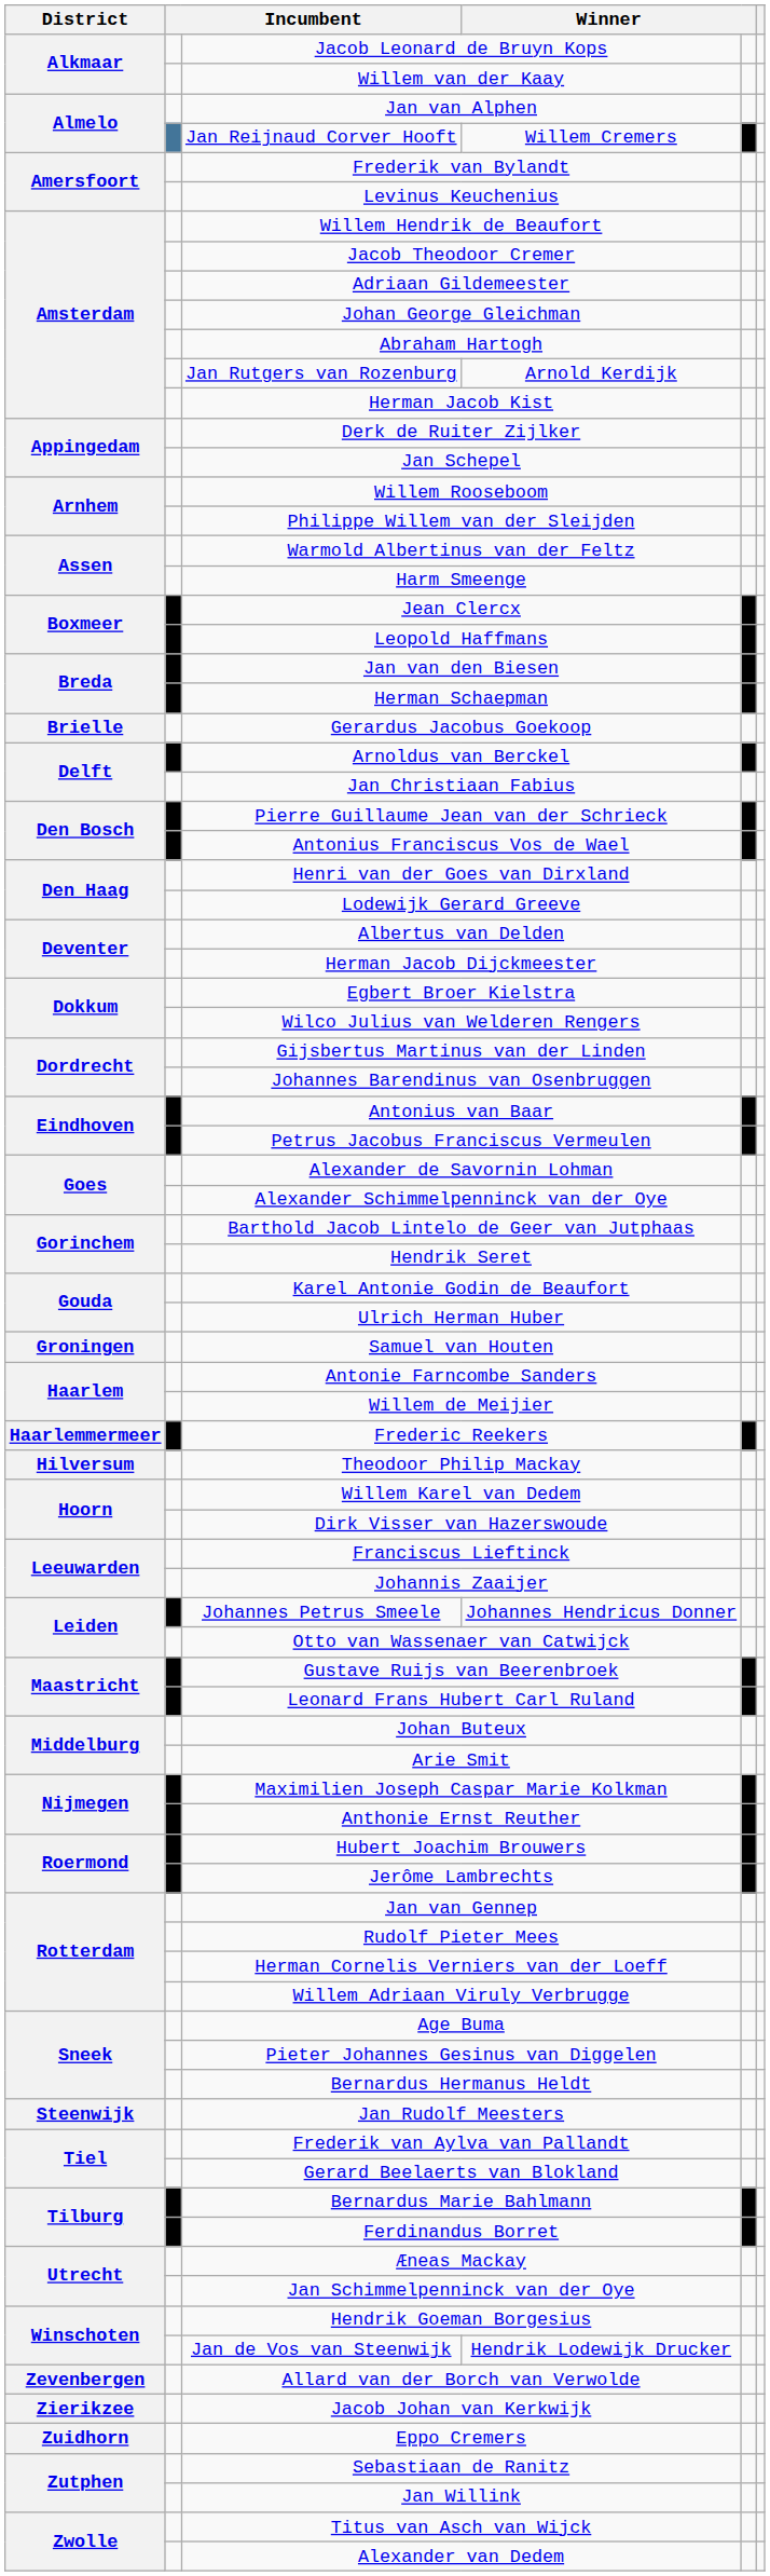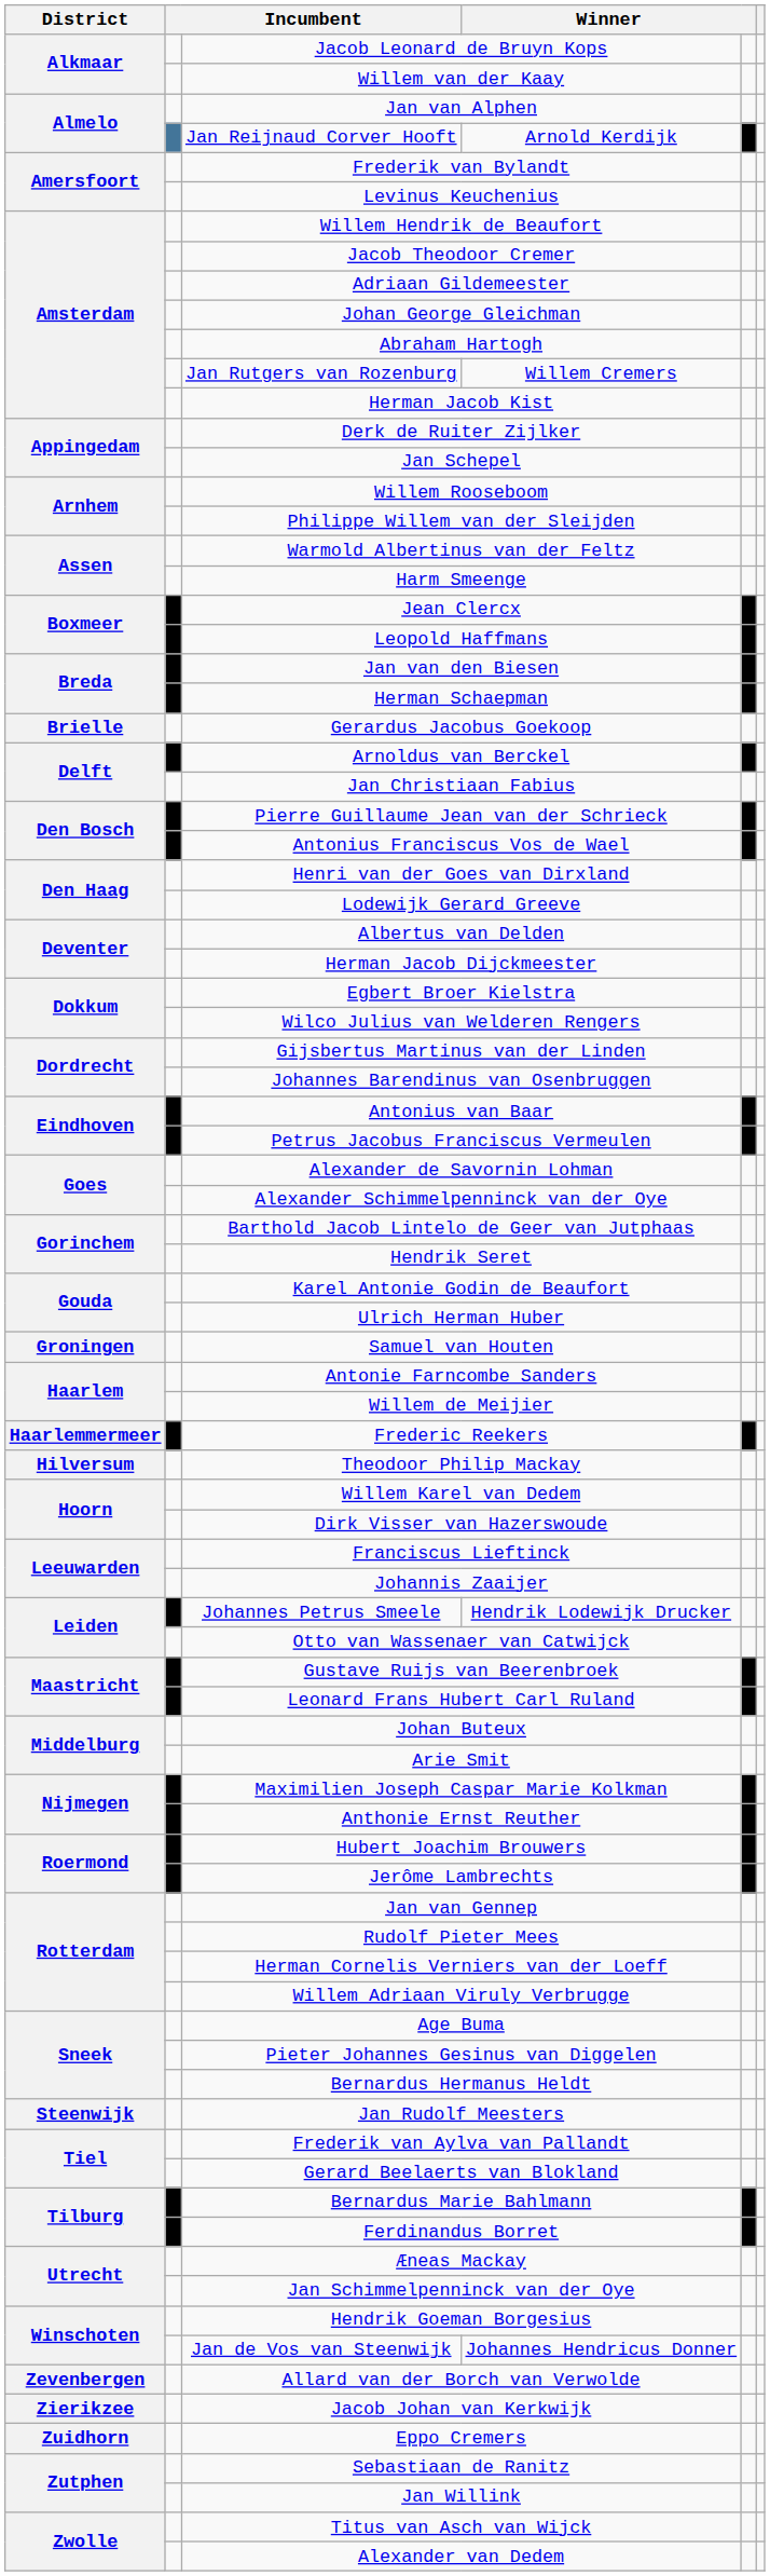 <table class="wikitable">
 <tr style="text-align:center;">
 <th>District</th>
 <th colspan=2>Incumbent</th>
 <th colspan=2>Winner</th>
 <th></th>
 </tr>
 <tr>
 <th rowspan=2><a href='#'>Alkmaar</a></th>
 <td style="width:5px; background:"></td>
 <td colspan=2 style="text-align:center"><a href='#'>Jacob Leonard de Bruyn Kops</a></td>
 <td style="width:5px; background:"></td>
 <td></td>
 </tr>
 <tr>
 <td style="width:5px; background:"></td>
 <td colspan=2 style="text-align:center"><a href='#'>Willem van der Kaay</a></td>
 <td style="width:5px; background:"></td>
 <td></td>
 </tr>
 <tr>
 <th rowspan=2><a href='#'>Almelo</a></th>
 <td style="width:5px; background:"></td>
 <td colspan=2 style="text-align:center"><a href='#'>Jan van Alphen</a></td>
 <td style="width:5px; background:"></td>
 <td></td>
 </tr>
 <tr>
 <td style="width:5px; background:#437599"></td>
 <td style="text-align:center"><a href='#'>Jan Reijnaud Corver Hooft</a></td>
-<td style="text-align:center"><a href='#'>Willem Cremers</a></td>
+<td style="text-align:center"><a href='#'>Arnold Kerdijk</a></td>
 <td style="width:5px; background:black"></td>
 <td></td>
 </tr>
 <tr>
 <th rowspan=2><a href='#'>Amersfoort</a></th>
 <td style="width:5px; background:"></td>
 <td colspan=2 style="text-align:center"><a href='#'>Frederik van Bylandt</a></td>
 <td style="width:5px; background:"></td>
 <td></td>
 </tr>
 <tr>
 <td style="width:5px; background:"></td>
 <td colspan=2 style="text-align:center"><a href='#'>Levinus Keuchenius</a></td>
 <td style="width:5px; background:"></td>
 <td></td>
 </tr>
 <tr>
 <th rowspan=7><a href='#'>Amsterdam</a></th>
 <td style="width:5px; background:"></td>
 <td colspan=2 style="text-align:center"><a href='#'>Willem Hendrik de Beaufort</a></td>
 <td style="width:5px; background:"></td>
 <td></td>
 </tr>
 <tr>
 <td style="width:5px; background:"></td>
 <td colspan=2 style="text-align:center"><a href='#'>Jacob Theodoor Cremer</a></td>
 <td style="width:5px; background:"></td>
 <td></td>
 </tr>
 <tr>
 <td style="width:5px; background:"></td>
 <td colspan=2 style="text-align:center"><a href='#'>Adriaan Gildemeester</a></td>
 <td style="width:5px; background:"></td>
 <td></td>
 </tr>
 <tr>
 <td style="width:5px; background:"></td>
 <td colspan=2 style="text-align:center"><a href='#'>Johan George Gleichman</a></td>
 <td style="width:5px; background:"></td>
 <td></td>
 </tr>
 <tr>
 <td style="width:5px; background:"></td>
 <td colspan=2 style="text-align:center"><a href='#'>Abraham Hartogh</a></td>
 <td style="width:5px; background:"></td>
 <td></td>
 </tr>
 <tr>
 <td style="width:5px; background:"></td>
 <td style="text-align:center"><a href='#'>Jan Rutgers van Rozenburg</a></td>
-<td style="text-align:center"><a href='#'>Arnold Kerdijk</a></td>
+<td style="text-align:center"><a href='#'>Willem Cremers</a></td>
 <td style="width:5px; background:"></td>
 <td></td>
 </tr>
 <tr>
 <td style="width:5px; background:"></td>
 <td colspan=2 style="text-align:center"><a href='#'>Herman Jacob Kist</a></td>
 <td style="width:5px; background:"></td>
 <td></td>
 </tr>
 <tr>
 <th rowspan=2><a href='#'>Appingedam</a></th>
 <td style="width:5px; background:"></td>
 <td colspan=2 style="text-align:center"><a href='#'>Derk de Ruiter Zijlker</a></td>
 <td style="width:5px; background:"></td>
 <td></td>
 </tr>
 <tr>
 <td style="width:5px; background:"></td>
 <td colspan=2 style="text-align:center"><a href='#'>Jan Schepel</a></td>
 <td style="width:5px; background:"></td>
 <td></td>
 </tr>
 <tr>
 <th rowspan=2><a href='#'>Arnhem</a></th>
 <td style="width:5px; background:"></td>
 <td colspan=2 style="text-align:center"><a href='#'>Willem Rooseboom</a></td>
 <td style="width:5px; background:"></td>
 <td></td>
 </tr>
 <tr>
 <td style="width:5px; background:"></td>
 <td colspan=2 style="text-align:center"><a href='#'>Philippe Willem van der Sleijden</a></td>
 <td style="width:5px; background:"></td>
 <td></td>
 </tr>
 <tr>
 <th rowspan=2><a href='#'>Assen</a></th>
 <td style="width:5px; background:"></td>
 <td colspan=2 style="text-align:center"><a href='#'>Warmold Albertinus van der Feltz</a></td>
 <td style="width:5px; background:"></td>
 <td></td>
 </tr>
 <tr>
 <td style="width:5px; background:"></td>
 <td colspan=2 style="text-align:center"><a href='#'>Harm Smeenge</a></td>
 <td style="width:5px; background:"></td>
 <td></td>
 </tr>
 <tr>
 <th rowspan=2><a href='#'>Boxmeer</a></th>
 <td style="width:5px; background:black"></td>
 <td colspan=2 style="text-align:center"><a href='#'>Jean Clercx</a></td>
 <td style="width:5px; background:black"></td>
 <td></td>
 </tr>
 <tr>
 <td style="width:5px; background:black"></td>
 <td colspan=2 style="text-align:center"><a href='#'>Leopold Haffmans</a></td>
 <td style="width:5px; background:black"></td>
 <td></td>
 </tr>
 <tr>
 <th rowspan=2><a href='#'>Breda</a></th>
 <td style="width:5px; background:black"></td>
 <td colspan=2 style="text-align:center"><a href='#'>Jan van den Biesen</a></td>
 <td style="width:5px; background:black"></td>
 <td></td>
 </tr>
 <tr>
 <td style="width:5px; background:black"></td>
 <td colspan=2 style="text-align:center"><a href='#'>Herman Schaepman</a></td>
 <td style="width:5px; background:black"></td>
 <td></td>
 </tr>
 <tr>
 <th><a href='#'>Brielle</a></th>
 <td style="width:5px; background:"></td>
 <td colspan=2 style="text-align:center"><a href='#'>Gerardus Jacobus Goekoop</a></td>
 <td style="width:5px; background:"></td>
 <td></td>
 </tr>
 <tr>
 <th rowspan=2><a href='#'>Delft</a></th>
 <td style="width:5px; background:black"></td>
 <td colspan=2 style="text-align:center"><a href='#'>Arnoldus van Berckel</a></td>
 <td style="width:5px; background:black"></td>
 <td></td>
 </tr>
 <tr>
 <td style="width:5px; background:"></td>
 <td colspan=2 style="text-align:center"><a href='#'>Jan Christiaan Fabius</a></td>
 <td style="width:5px; background:"></td>
 <td></td>
 </tr>
 <tr>
 <th rowspan=2><a href='#'>Den Bosch</a></th>
 <td style="width:5px; background:black"></td>
 <td colspan=2 style="text-align:center"><a href='#'>Pierre Guillaume Jean van der Schrieck</a></td>
 <td style="width:5px; background:black"></td>
 <td></td>
 </tr>
 <tr>
 <td style="width:5px; background:black"></td>
 <td colspan=2 style="text-align:center"><a href='#'>Antonius Franciscus Vos de Wael</a></td>
 <td style="width:5px; background:black"></td>
 <td></td>
 </tr>
 <tr>
 <th rowspan=2><a href='#'>Den Haag</a></th>
 <td style="width:5px; background:"></td>
 <td colspan=2 style="text-align:center"><a href='#'>Henri van der Goes van Dirxland</a></td>
 <td style="width:5px; background:"></td>
 <td></td>
 </tr>
 <tr>
 <td style="width:5px; background:"></td>
 <td colspan=2 style="text-align:center"><a href='#'>Lodewijk Gerard Greeve</a></td>
 <td style="width:5px; background:"></td>
 <td></td>
 </tr>
 <tr>
 <th rowspan=2><a href='#'>Deventer</a></th>
 <td style="width:5px; background:"></td>
 <td colspan=2 style="text-align:center"><a href='#'>Albertus van Delden</a></td>
 <td style="width:5px; background:"></td>
 <td></td>
 </tr>
 <tr>
 <td style="width:5px; background:"></td>
 <td colspan=2 style="text-align:center"><a href='#'>Herman Jacob Dijckmeester</a></td>
 <td style="width:5px; background:"></td>
 <td></td>
 </tr>
 <tr>
 <th rowspan=2><a href='#'>Dokkum</a></th>
 <td style="width:5px; background:"></td>
 <td colspan=2 style="text-align:center"><a href='#'>Egbert Broer Kielstra</a></td>
 <td style="width:5px; background:"></td>
 <td></td>
 </tr>
 <tr>
 <td style="width:5px; background:"></td>
 <td colspan=2 style="text-align:center"><a href='#'>Wilco Julius van Welderen Rengers</a></td>
 <td style="width:5px; background:"></td>
 <td></td>
 </tr>
 <tr>
 <th rowspan=2><a href='#'>Dordrecht</a></th>
 <td style="width:5px; background:"></td>
 <td colspan=2 style="text-align:center"><a href='#'>Gijsbertus Martinus van der Linden</a></td>
 <td style="width:5px; background:"></td>
 <td></td>
 </tr>
 <tr>
 <td style="width:5px; background:"></td>
 <td colspan=2 style="text-align:center"><a href='#'>Johannes Barendinus van Osenbruggen</a></td>
 <td style="width:5px; background:"></td>
 <td></td>
 </tr>
 <tr>
 <th rowspan=2><a href='#'>Eindhoven</a></th>
 <td style="width:5px; background:black"></td>
 <td colspan=2 style="text-align:center"><a href='#'>Antonius van Baar</a></td>
 <td style="width:5px; background:black"></td>
 <td></td>
 </tr>
 <tr>
 <td style="width:5px; background:black"></td>
 <td colspan=2 style="text-align:center"><a href='#'>Petrus Jacobus Franciscus Vermeulen</a></td>
 <td style="width:5px; background:black"></td>
 <td></td>
 </tr>
 <tr>
 <th rowspan=2><a href='#'>Goes</a></th>
 <td style="width:5px; background:"></td>
 <td colspan=2 style="text-align:center"><a href='#'>Alexander de Savornin Lohman</a></td>
 <td style="width:5px; background:"></td>
 <td></td>
 </tr>
 <tr>
 <td style="width:5px; background:"></td>
 <td colspan=2 style="text-align:center"><a href='#'>Alexander Schimmelpenninck van der Oye</a></td>
 <td style="width:5px; background:"></td>
 <td></td>
 </tr>
 <tr>
 <th rowspan=2><a href='#'>Gorinchem</a></th>
 <td style="width:5px; background:"></td>
 <td colspan=2 style="text-align:center"><a href='#'>Barthold Jacob Lintelo de Geer van Jutphaas</a></td>
 <td style="width:5px; background:"></td>
 <td></td>
 </tr>
 <tr>
 <td style="width:5px; background:"></td>
 <td colspan=2 style="text-align:center"><a href='#'>Hendrik Seret</a></td>
 <td style="width:5px; background:"></td>
 <td></td>
 </tr>
 <tr>
 <th rowspan=2><a href='#'>Gouda</a></th>
 <td style="width:5px; background:"></td>
 <td colspan=2 style="text-align:center"><a href='#'>Karel Antonie Godin de Beaufort</a></td>
 <td style="width:5px; background:"></td>
 <td></td>
 </tr>
 <tr>
 <td style="width:5px; background:"></td>
 <td colspan=2 style="text-align:center"><a href='#'>Ulrich Herman Huber</a></td>
 <td style="width:5px; background:"></td>
 <td></td>
 </tr>
 <tr>
 <th><a href='#'>Groningen</a></th>
 <td style="width:5px; background:"></td>
 <td colspan=2 style="text-align:center"><a href='#'>Samuel van Houten</a></td>
 <td style="width:5px; background:"></td>
 <td></td>
 </tr>
 <tr>
 <th rowspan=2><a href='#'>Haarlem</a></th>
 <td style="width:5px; background:"></td>
 <td colspan=2 style="text-align:center"><a href='#'>Antonie Farncombe Sanders</a></td>
 <td style="width:5px; background:"></td>
 <td></td>
 </tr>
 <tr>
 <td style="width:5px; background:"></td>
 <td colspan=2 style="text-align:center"><a href='#'>Willem de Meijier</a></td>
 <td style="width:5px; background:"></td>
 <td></td>
 </tr>
 <tr>
 <th><a href='#'>Haarlemmermeer</a></th>
 <td style="width:5px; background:black"></td>
 <td colspan=2 style="text-align:center"><a href='#'>Frederic Reekers</a></td>
 <td style="width:5px; background:black"></td>
 <td></td>
 </tr>
 <tr>
 <th><a href='#'>Hilversum</a></th>
 <td style="width:5px; background:"></td>
 <td colspan=2 style="text-align:center"><a href='#'>Theodoor Philip Mackay</a></td>
 <td style="width:5px; background:"></td>
 <td></td>
 </tr>
 <tr>
 <th rowspan=2><a href='#'>Hoorn</a></th>
 <td style="width:5px; background:"></td>
 <td colspan=2 style="text-align:center"><a href='#'>Willem Karel van Dedem</a></td>
 <td style="width:5px; background:"></td>
 <td></td>
 </tr>
 <tr>
 <td style="width:5px; background:"></td>
 <td colspan=2 style="text-align:center"><a href='#'>Dirk Visser van Hazerswoude</a></td>
 <td style="width:5px; background:"></td>
 <td></td>
 </tr>
 <tr>
 <th rowspan=2><a href='#'>Leeuwarden</a></th>
 <td style="width:5px; background:"></td>
 <td colspan=2 style="text-align:center"><a href='#'>Franciscus Lieftinck</a></td>
 <td style="width:5px; background:"></td>
 <td></td>
 </tr>
 <tr>
 <td style="width:5px; background:"></td>
 <td colspan=2 style="text-align:center"><a href='#'>Johannis Zaaijer</a></td>
 <td style="width:5px; background:"></td>
 <td></td>
 </tr>
 <tr>
 <th rowspan=2><a href='#'>Leiden</a></th>
 <td style="width:5px; background:black"></td>
 <td style="text-align:center"><a href='#'>Johannes Petrus Smeele</a></td>
-<td style="text-align:center"><a href='#'>Johannes Hendricus Donner</a></td>
+<td style="text-align:center"><a href='#'>Hendrik Lodewijk Drucker</a></td>
 <td style="width:5px; background:"></td>
 <td></td>
 </tr>
 <tr>
 <td style="width:5px; background:"></td>
 <td colspan=2 style="text-align:center"><a href='#'>Otto van Wassenaer van Catwijck</a></td>
 <td style="width:5px; background:"></td>
 <td></td>
 </tr>
 <tr>
 <th rowspan=2><a href='#'>Maastricht</a></th>
 <td style="width:5px; background:black"></td>
 <td colspan=2 style="text-align:center"><a href='#'>Gustave Ruijs van Beerenbroek</a></td>
 <td style="width:5px; background:black"></td>
 <td></td>
 </tr>
 <tr>
 <td style="width:5px; background:black"></td>
 <td colspan=2 style="text-align:center"><a href='#'>Leonard Frans Hubert Carl Ruland</a></td>
 <td style="width:5px; background:black"></td>
 <td></td>
 </tr>
 <tr>
 <th rowspan=2><a href='#'>Middelburg</a></th>
 <td style="width:5px; background:"></td>
 <td colspan=2 style="text-align:center"><a href='#'>Johan Buteux</a></td>
 <td style="width:5px; background:"></td>
 <td></td>
 </tr>
 <tr>
 <td style="width:5px; background:"></td>
 <td colspan=2 style="text-align:center"><a href='#'>Arie Smit</a></td>
 <td style="width:5px; background:"></td>
 <td></td>
 </tr>
 <tr>
 <th rowspan=2><a href='#'>Nijmegen</a></th>
 <td style="width:5px; background:black"></td>
 <td colspan=2 style="text-align:center"><a href='#'>Maximilien Joseph Caspar Marie Kolkman</a></td>
 <td style="width:5px; background:black"></td>
 <td></td>
 </tr>
 <tr>
 <td style="width:5px; background:black"></td>
 <td colspan=2 style="text-align:center"><a href='#'>Anthonie Ernst Reuther</a></td>
 <td style="width:5px; background:black"></td>
 <td></td>
 </tr>
 <tr>
 <th rowspan=2><a href='#'>Roermond</a></th>
 <td style="width:5px; background:black"></td>
 <td colspan=2 style="text-align:center"><a href='#'>Hubert Joachim Brouwers</a></td>
 <td style="width:5px; background:black"></td>
 <td></td>
 </tr>
 <tr>
 <td style="width:5px; background:black"></td>
 <td colspan=2 style="text-align:center"><a href='#'>Jerôme Lambrechts</a></td>
 <td style="width:5px; background:black"></td>
 <td></td>
 </tr>
 <tr>
 <th rowspan=4><a href='#'>Rotterdam</a></th>
 <td style="width:5px; background:"></td>
 <td colspan=2 style="text-align:center"><a href='#'>Jan van Gennep</a></td>
 <td style="width:5px; background:"></td>
 <td></td>
 </tr>
 <tr>
 <td style="width:5px; background:"></td>
 <td colspan=2 style="text-align:center"><a href='#'>Rudolf Pieter Mees</a></td>
 <td style="width:5px; background:"></td>
 <td></td>
 </tr>
 <tr>
 <td style="width:5px; background:"></td>
 <td colspan=2 style="text-align:center"><a href='#'>Herman Cornelis Verniers van der Loeff</a></td>
 <td style="width:5px; background:"></td>
 <td></td>
 </tr>
 <tr>
 <td style="width:5px; background:"></td>
 <td colspan=2 style="text-align:center"><a href='#'>Willem Adriaan Viruly Verbrugge</a></td>
 <td style="width:5px; background:"></td>
 <td></td>
 </tr>
 <tr>
 <th rowspan=3><a href='#'>Sneek</a></th>
 <td style="width:5px; background:"></td>
 <td colspan=2 style="text-align:center"><a href='#'>Age Buma</a></td>
 <td style="width:5px; background:"></td>
 <td></td>
 </tr>
 <tr>
 <td style="width:5px; background:"></td>
 <td colspan=2 style="text-align:center"><a href='#'>Pieter Johannes Gesinus van Diggelen</a></td>
 <td style="width:5px; background:"></td>
 <td></td>
 </tr>
 <tr>
 <td style="width:5px; background:"></td>
 <td colspan=2 style="text-align:center"><a href='#'>Bernardus Hermanus Heldt</a></td>
 <td style="width:5px; background:"></td>
 <td></td>
 </tr>
 <tr>
 <th><a href='#'>Steenwijk</a></th>
 <td style="width:5px; background:"></td>
 <td colspan=2 style="text-align:center"><a href='#'>Jan Rudolf Meesters</a></td>
 <td style="width:5px; background:"></td>
 <td></td>
 </tr>
 <tr>
 <th rowspan=2><a href='#'>Tiel</a></th>
 <td style="width:5px; background:"></td>
 <td colspan=2 style="text-align:center"><a href='#'>Frederik van Aylva van Pallandt</a></td>
 <td style="width:5px; background:"></td>
 <td></td>
 </tr>
 <tr>
 <td style="width:5px; background:"></td>
 <td colspan=2 style="text-align:center"><a href='#'>Gerard Beelaerts van Blokland</a></td>
 <td style="width:5px; background:"></td>
 <td></td>
 </tr>
 <tr>
 <th rowspan=2><a href='#'>Tilburg</a></th>
 <td style="width:5px; background:black"></td>
 <td colspan=2 style="text-align:center"><a href='#'>Bernardus Marie Bahlmann</a></td>
 <td style="width:5px; background:black"></td>
 <td></td>
 </tr>
 <tr>
 <td style="width:5px; background:black"></td>
 <td colspan=2 style="text-align:center"><a href='#'>Ferdinandus Borret</a></td>
 <td style="width:5px; background:black"></td>
 <td></td>
 </tr>
 <tr>
 <th rowspan=2><a href='#'>Utrecht</a></th>
 <td style="width:5px; background:"></td>
 <td colspan=2 style="text-align:center"><a href='#'>Æneas Mackay</a></td>
 <td style="width:5px; background:"></td>
 <td></td>
 </tr>
 <tr>
 <td style="width:5px; background:"></td>
 <td colspan=2 style="text-align:center"><a href='#'>Jan Schimmelpenninck van der Oye</a></td>
 <td style="width:5px; background:"></td>
 <td></td>
 </tr>
 <tr>
 <th rowspan=2><a href='#'>Winschoten</a></th>
 <td style="width:5px; background:"></td>
 <td colspan=2 style="text-align:center"><a href='#'>Hendrik Goeman Borgesius</a></td>
 <td style="width:5px; background:"></td>
 <td></td>
 </tr>
 <tr>
 <td style="width:5px; background:"></td>
 <td style="text-align:center"><a href='#'>Jan de Vos van Steenwijk</a></td>
-<td style="text-align:center"><a href='#'>Hendrik Lodewijk Drucker</a></td>
+<td style="text-align:center"><a href='#'>Johannes Hendricus Donner</a></td>
 <td style="width:5px; background:"></td>
 <td></td>
 </tr>
 <tr>
 <th><a href='#'>Zevenbergen</a></th>
 <td style="width:5px; background:"></td>
 <td colspan=2 style="text-align:center"><a href='#'>Allard van der Borch van Verwolde</a></td>
 <td style="width:5px; background:"></td>
 <td></td>
 </tr>
 <tr>
 <th><a href='#'>Zierikzee</a></th>
 <td style="width:5px; background:"></td>
 <td colspan=2 style="text-align:center"><a href='#'>Jacob Johan van Kerkwijk</a></td>
 <td style="width:5px; background:"></td>
 <td></td>
 </tr>
 <tr>
 <th><a href='#'>Zuidhorn</a></th>
 <td style="width:5px; background:"></td>
 <td colspan=2 style="text-align:center"><a href='#'>Eppo Cremers</a></td>
 <td style="width:5px; background:"></td>
 <td></td>
 </tr>
 <tr>
 <th rowspan=2><a href='#'>Zutphen</a></th>
 <td style="width:5px; background:"></td>
 <td colspan=2 style="text-align:center"><a href='#'>Sebastiaan de Ranitz</a></td>
 <td style="width:5px; background:"></td>
 <td></td>
 </tr>
 <tr>
 <td style="width:5px; background:"></td>
 <td colspan=2 style="text-align:center"><a href='#'>Jan Willink</a></td>
 <td style="width:5px; background:"></td>
 <td></td>
 </tr>
 <tr>
 <th rowspan=2><a href='#'>Zwolle</a></th>
 <td style="width:5px; background:"></td>
 <td colspan=2 style="text-align:center"><a href='#'>Titus van Asch van Wijck</a></td>
 <td style="width:5px; background:"></td>
 <td></td>
 </tr>
 <tr>
 <td style="width:5px; background:"></td>
 <td colspan=2 style="text-align:center"><a href='#'>Alexander van Dedem</a></td>
 <td style="width:5px; background:"></td>
 <td></td>
 </tr>
 </table>
